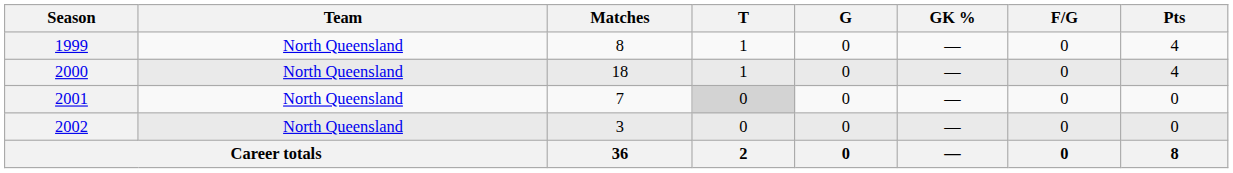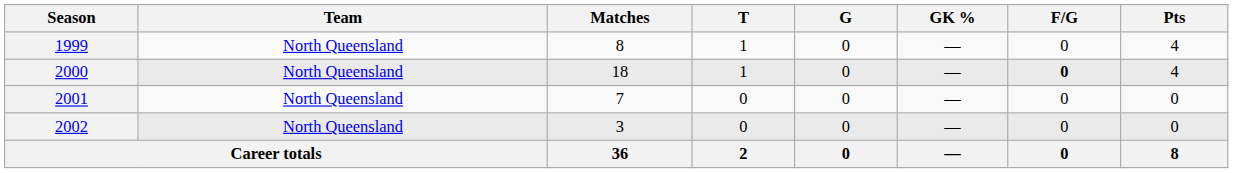 <table class="wikitable sortable"  style="font-size:90%; text-align:center; width:85%;">
 <tr>
 <th width=2%>Season</th>
 <th width=8%>Team</th>
 <th width=2%>Matches</th>
 <th width=2%>T</th>
 <th width=2%>G</th>
 <th width=2%>GK %</th>
 <th width=2%>F/G</th>
 <th width=2%>Pts</th>
 </tr>
 <tr>
 <th scope="row" style="text-align:center; font-weight:normal"><a href='#'>1999</a></th>
 <td style="text-align:center;"> <a href='#'>North Queensland</a></td>
 <td>8</td>
 <td>1</td>
 <td>0</td>
 <td>—</td>
 <td>0</td>
 <td>4</td>
 </tr>
 <tr style="background:#eaeaea;">
 <th scope="row" style="text-align:center; font-weight:normal"><a href='#'>2000</a></th>
 <td style="text-align:center;"> <a href='#'>North Queensland</a></td>
 <td>18</td>
 <td>1</td>
 <td>0</td>
 <td>—</td>
-<td>0</td>
+<td><strong>0</strong></td>
 <td>4</td>
 </tr>
 <tr>
 <th scope="row" style="text-align:center; font-weight:normal"><a href='#'>2001</a></th>
 <td style="text-align:center;"> <a href='#'>North Queensland</a></td>
 <td>7</td>
-<td style="background: lightgrey;">0</td>
+<td>0</td>
 <td>0</td>
 <td>—</td>
 <td>0</td>
 <td>0</td>
 </tr>
 <tr style="background:#eaeaea;">
 <th scope="row" style="text-align:center; font-weight:normal"><a href='#'>2002</a></th>
 <td style="text-align:center;"> <a href='#'>North Queensland</a></td>
 <td>3</td>
 <td>0</td>
 <td>0</td>
 <td>—</td>
 <td>0</td>
 <td>0</td>
 </tr>
 <tr class="sortbottom">
 <th colspan=2>Career totals</th>
 <th>36</th>
 <th>2</th>
 <th>0</th>
 <th>—</th>
 <th>0</th>
 <th>8</th>
 </tr>
 </table>
